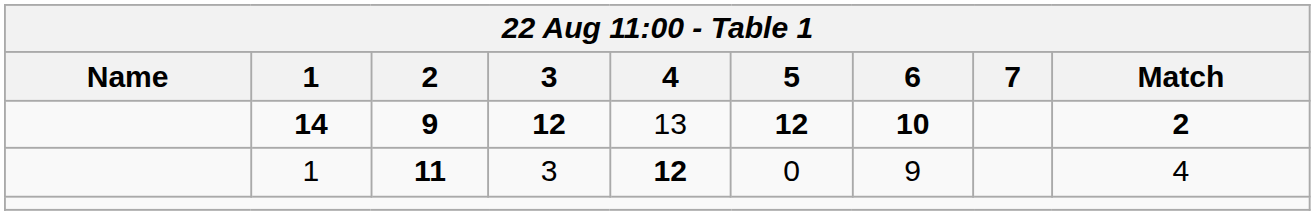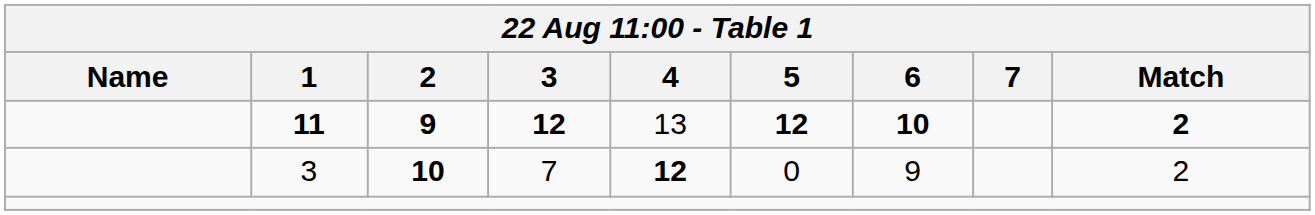 <table class=wikitable style="text-align:center; width: 55%">
 <tr>
 <th colspan=17><em>22 Aug 11:00 - Table 1</em></th>
 </tr>
 <tr>
 <th>Name</th>
 <th>1</th>
 <th>2</th>
 <th>3</th>
 <th>4</th>
 <th>5</th>
 <th>6</th>
 <th>7</th>
 <th>Match</th>
 </tr>
 <tr>
 <td style="text-align:left;"><strong></strong></td>
-<td><strong>14</strong></td>
+<td><strong>11</strong></td>
 <td><strong>9</strong></td>
 <td><strong>12</strong></td>
 <td>13</td>
 <td><strong>12</strong></td>
 <td><strong>10</strong></td>
 <td></td>
 <td><strong>2</strong></td>
 </tr>
 <tr>
 <td style="text-align:left;"></td>
-<td>1</td>
-<td><strong>11</strong></td>
 <td>3</td>
+<td><strong>10</strong></td>
+<td>7</td>
 <td><strong>12</strong></td>
 <td>0</td>
 <td>9</td>
 <td></td>
-<td>4</td>
+<td>2</td>
 </tr>
 <tr>
 <td colspan=17></td>
 </tr>
 </table>
